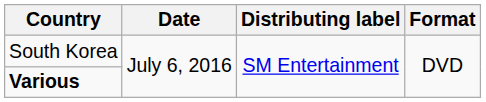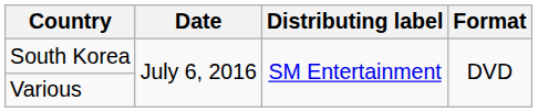 <table class="wikitable">
 <tr>
 <th>Country</th>
 <th>Date</th>
 <th>Distributing label</th>
 <th>Format</th>
 </tr>
 <tr>
 <td>South Korea</td>
 <td rowspan="2" style="text-align:center;">July 6, 2016</td>
 <td rowspan="2" style="text-align:center;"><a href='#'>SM Entertainment</a></td>
 <td rowspan="2" style="text-align:center;">DVD</td>
 </tr>
 <tr>
-<td><strong>Various</strong></td>
+<td>Various</td>
 </tr>
 </table>
